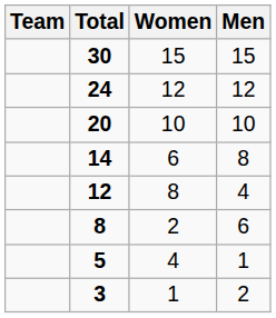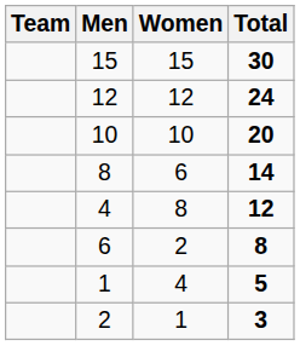 <table class=wikitable style="text-align:center">
 <tr>
 <th>Team</th>
+<th>Men</th>
+<th>Women</th>
 <th>Total</th>
-<th>Women</th>
-<th>Men</th>
 </tr>
 <tr>
 <td align=left></td>
-<td><strong>30</strong></td>
 <td>15</td>
 <td>15</td>
+<td><strong>30</strong></td>
 </tr>
 <tr>
 <td align=left></td>
-<td><strong>24</strong></td>
 <td>12</td>
 <td>12</td>
+<td><strong>24</strong></td>
 </tr>
 <tr>
 <td align=left></td>
-<td><strong>20</strong></td>
 <td>10</td>
 <td>10</td>
+<td><strong>20</strong></td>
 </tr>
 <tr>
 <td align=left></td>
+<td>8</td>
+<td>6</td>
 <td><strong>14</strong></td>
-<td>6</td>
-<td>8</td>
 </tr>
 <tr>
 <td align=left></td>
+<td>4</td>
+<td>8</td>
 <td><strong>12</strong></td>
-<td>8</td>
-<td>4</td>
 </tr>
 <tr>
 <td align=left></td>
+<td>6</td>
+<td>2</td>
 <td><strong>8</strong></td>
-<td>2</td>
-<td>6</td>
 </tr>
 <tr>
 <td align=left></td>
+<td>1</td>
+<td>4</td>
 <td><strong>5</strong></td>
-<td>4</td>
-<td>1</td>
 </tr>
 <tr>
 <td align=left></td>
+<td>2</td>
+<td>1</td>
 <td><strong>3</strong></td>
-<td>1</td>
-<td>2</td>
 </tr>
 </table>
